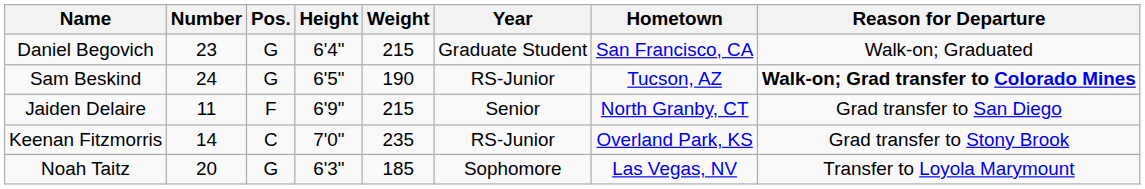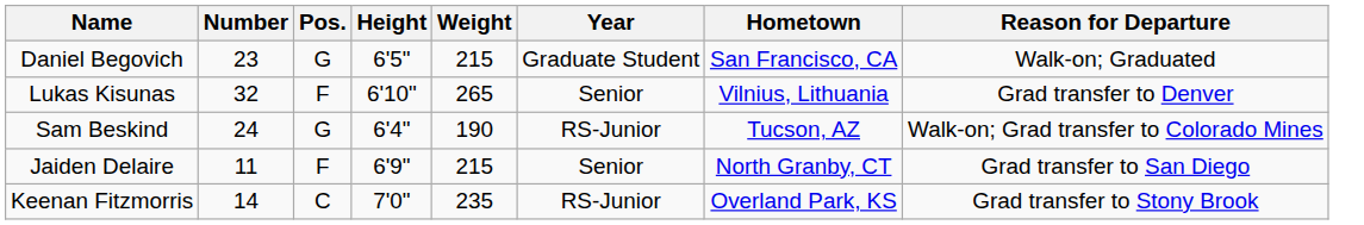 <table class="wikitable sortable sortable" style="text-align: center">
 <tr align=center>
 <th>Name</th>
 <th>Number</th>
 <th>Pos.</th>
 <th>Height</th>
 <th>Weight</th>
 <th>Year</th>
 <th>Hometown</th>
 <th>Reason for Departure</th>
 </tr>
 <tr>
 <td>Daniel Begovich</td>
 <td>23</td>
 <td>G</td>
-<td>6'4"</td>
+<td>6'5"</td>
 <td>215</td>
 <td>Graduate Student</td>
 <td><a href='#'>San Francisco, CA</a></td>
 <td>Walk-on; Graduated</td>
 </tr>
 <tr>
+<td>Lukas Kisunas</td>
+<td>32</td>
+<td>F</td>
+<td>6'10"</td>
+<td>265</td>
+<td>Senior</td>
+<td><a href='#'>Vilnius, Lithuania</a></td>
+<td>Grad transfer to <a href='#'>Denver</a></td>
+</tr>
+<tr>
 <td>Sam Beskind</td>
 <td>24</td>
 <td>G</td>
-<td>6'5"</td>
+<td>6'4"</td>
 <td>190</td>
 <td>RS-Junior</td>
 <td><a href='#'>Tucson, AZ</a></td>
-<td><strong>Walk-on; Grad transfer to <a href='#'>Colorado Mines</a></strong></td>
+<td>Walk-on; Grad transfer to <a href='#'>Colorado Mines</a></td>
 </tr>
 <tr>
 <td>Jaiden Delaire</td>
 <td>11</td>
 <td>F</td>
 <td>6'9"</td>
 <td>215</td>
 <td>Senior</td>
 <td><a href='#'>North Granby, CT</a></td>
 <td>Grad transfer to <a href='#'>San Diego</a></td>
 </tr>
 <tr>
 <td>Keenan Fitzmorris</td>
 <td>14</td>
 <td>C</td>
 <td>7'0"</td>
 <td>235</td>
 <td>RS-Junior</td>
 <td><a href='#'>Overland Park, KS</a></td>
 <td>Grad transfer to <a href='#'>Stony Brook</a></td>
 </tr>
-<tr>
-<td>Noah Taitz</td>
-<td>20</td>
-<td>G</td>
-<td>6'3"</td>
-<td>185</td>
-<td>Sophomore</td>
-<td><a href='#'>Las Vegas, NV</a></td>
-<td>Transfer to <a href='#'>Loyola Marymount</a></td>
-</tr>
 </table>
